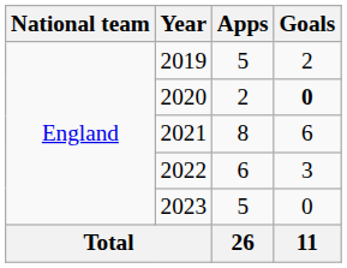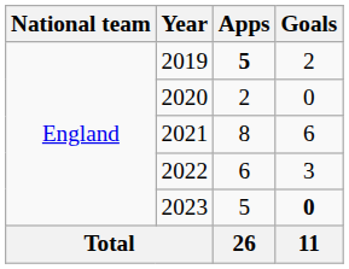 <table class=wikitable style=text-align:center>
 <tr>
 <th>National team</th>
 <th>Year</th>
 <th>Apps</th>
 <th>Goals</th>
 </tr>
 <tr>
 <td rowspan="5"><a href='#'>England</a></td>
 <td>2019</td>
-<td>5</td>
+<td><strong>5</strong></td>
 <td>2</td>
 </tr>
 <tr>
 <td>2020</td>
 <td>2</td>
-<td><strong>0</strong></td>
+<td>0</td>
 </tr>
 <tr>
 <td>2021</td>
 <td>8</td>
 <td>6</td>
 </tr>
 <tr>
 <td>2022</td>
 <td>6</td>
 <td>3</td>
 </tr>
 <tr>
 <td>2023</td>
 <td>5</td>
-<td>0</td>
+<td><strong>0</strong></td>
 </tr>
 <tr>
 <th colspan="2">Total</th>
 <th>26</th>
 <th>11</th>
 </tr>
 </table>
